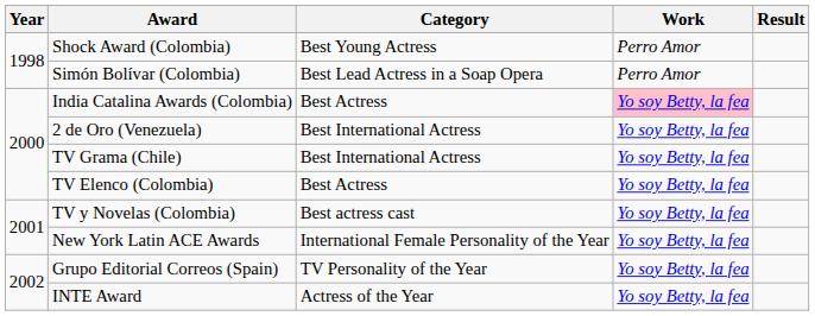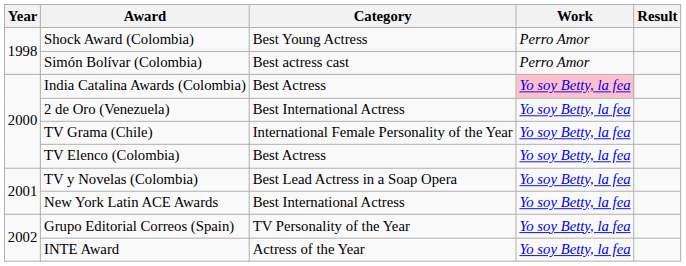 <table class="wikitable">
 <tr>
 <th>Year</th>
 <th>Award</th>
 <th>Category</th>
 <th>Work</th>
 <th>Result</th>
 </tr>
 <tr>
 <td rowspan=2>1998</td>
 <td>Shock Award (Colombia)</td>
 <td>Best Young Actress</td>
 <td><em>Perro Amor</em></td>
 <td></td>
 </tr>
 <tr>
 <td>Simón Bolívar (Colombia)</td>
-<td>Best Lead Actress in a Soap Opera</td>
+<td>Best actress cast</td>
 <td><em>Perro Amor</em></td>
 <td></td>
 </tr>
 <tr>
 <td rowspan=4>2000</td>
 <td>India Catalina Awards (Colombia)</td>
 <td>Best Actress</td>
 <td style="background: pink;"><em><a href='#'>Yo soy Betty, la fea</a></em></td>
 <td></td>
 </tr>
 <tr>
 <td>2 de Oro (Venezuela)</td>
 <td>Best International Actress</td>
 <td><em><a href='#'>Yo soy Betty, la fea</a></em></td>
 <td></td>
 </tr>
 <tr>
 <td>TV Grama (Chile)</td>
-<td>Best International Actress</td>
+<td>International Female Personality of the Year</td>
 <td><em><a href='#'>Yo soy Betty, la fea</a></em></td>
 <td></td>
 </tr>
 <tr>
 <td>TV Elenco (Colombia)</td>
 <td>Best Actress</td>
 <td><em><a href='#'>Yo soy Betty, la fea</a></em></td>
 <td></td>
 </tr>
 <tr>
 <td rowspan=2>2001</td>
 <td>TV y Novelas (Colombia)</td>
-<td>Best actress cast</td>
+<td>Best Lead Actress in a Soap Opera</td>
 <td><em><a href='#'>Yo soy Betty, la fea</a></em></td>
 <td></td>
 </tr>
 <tr>
 <td>New York Latin ACE Awards</td>
-<td>International Female Personality of the Year</td>
+<td>Best International Actress</td>
 <td><em><a href='#'>Yo soy Betty, la fea</a></em></td>
 <td></td>
 </tr>
 <tr>
 <td rowspan=2>2002</td>
 <td>Grupo Editorial Correos (Spain)</td>
 <td>TV Personality of the Year</td>
 <td><em><a href='#'>Yo soy Betty, la fea</a></em></td>
 <td></td>
 </tr>
 <tr>
 <td>INTE Award</td>
 <td>Actress of the Year</td>
 <td><em><a href='#'>Yo soy Betty, la fea</a></em></td>
 <td></td>
 </tr>
 </table>
